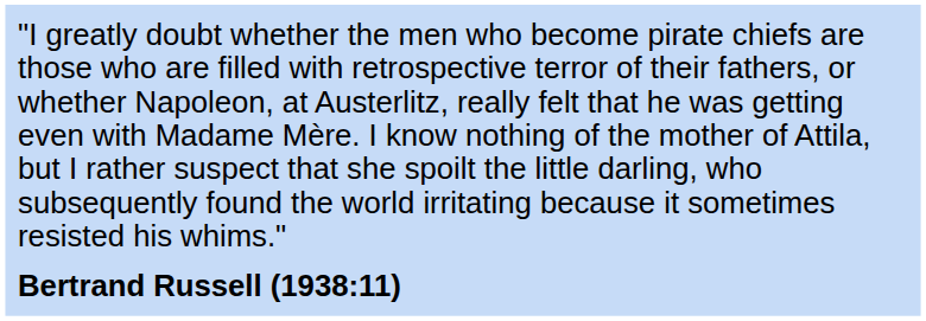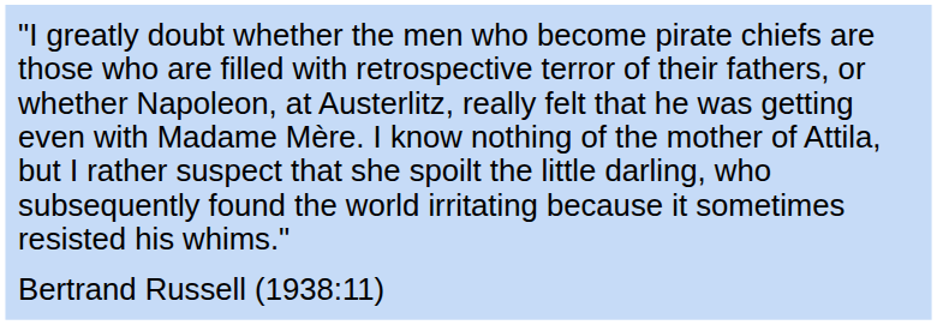 <table class="toccolours" style="float: left; margin-left: 1em; margin-right: 2em; font-size: 85%; background:#c6dbf7; color:black; width:30em; max-width: 40%;" cellspacing="5">
 <tr>
 <td style="text-align: left;">"I greatly doubt whether the men who become pirate chiefs are those who are filled with retrospective terror of their fathers, or whether Napoleon, at Austerlitz, really felt that he was getting even with Madame Mère. I know nothing of the mother of Attila, but I rather suspect that she spoilt the little darling, who subsequently found the world irritating because it sometimes resisted his whims."</td>
 </tr>
 <tr>
-<td style="text-align: left;"><strong>Bertrand Russell (1938:11)</strong></td>
+<td style="text-align: left;">Bertrand Russell (1938:11)</td>
 </tr>
 </table>
